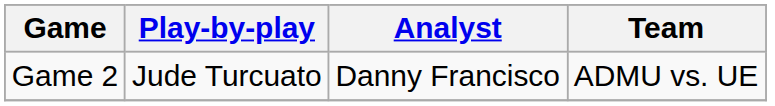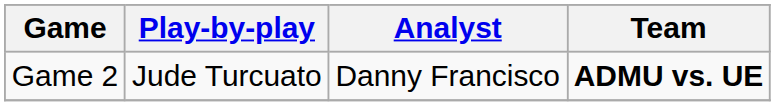 <table class=wikitable>
 <tr>
 <th>Game</th>
 <th><a href='#'>Play-by-play</a></th>
 <th><a href='#'>Analyst</a></th>
 <th>Team</th>
 </tr>
 <tr>
 <td>Game 2</td>
 <td>Jude Turcuato</td>
 <td>Danny Francisco</td>
-<td>ADMU vs. UE</td>
+<td><strong>ADMU vs. UE</strong></td>
 </tr>
 <tr>
 </tr>
 </table>
